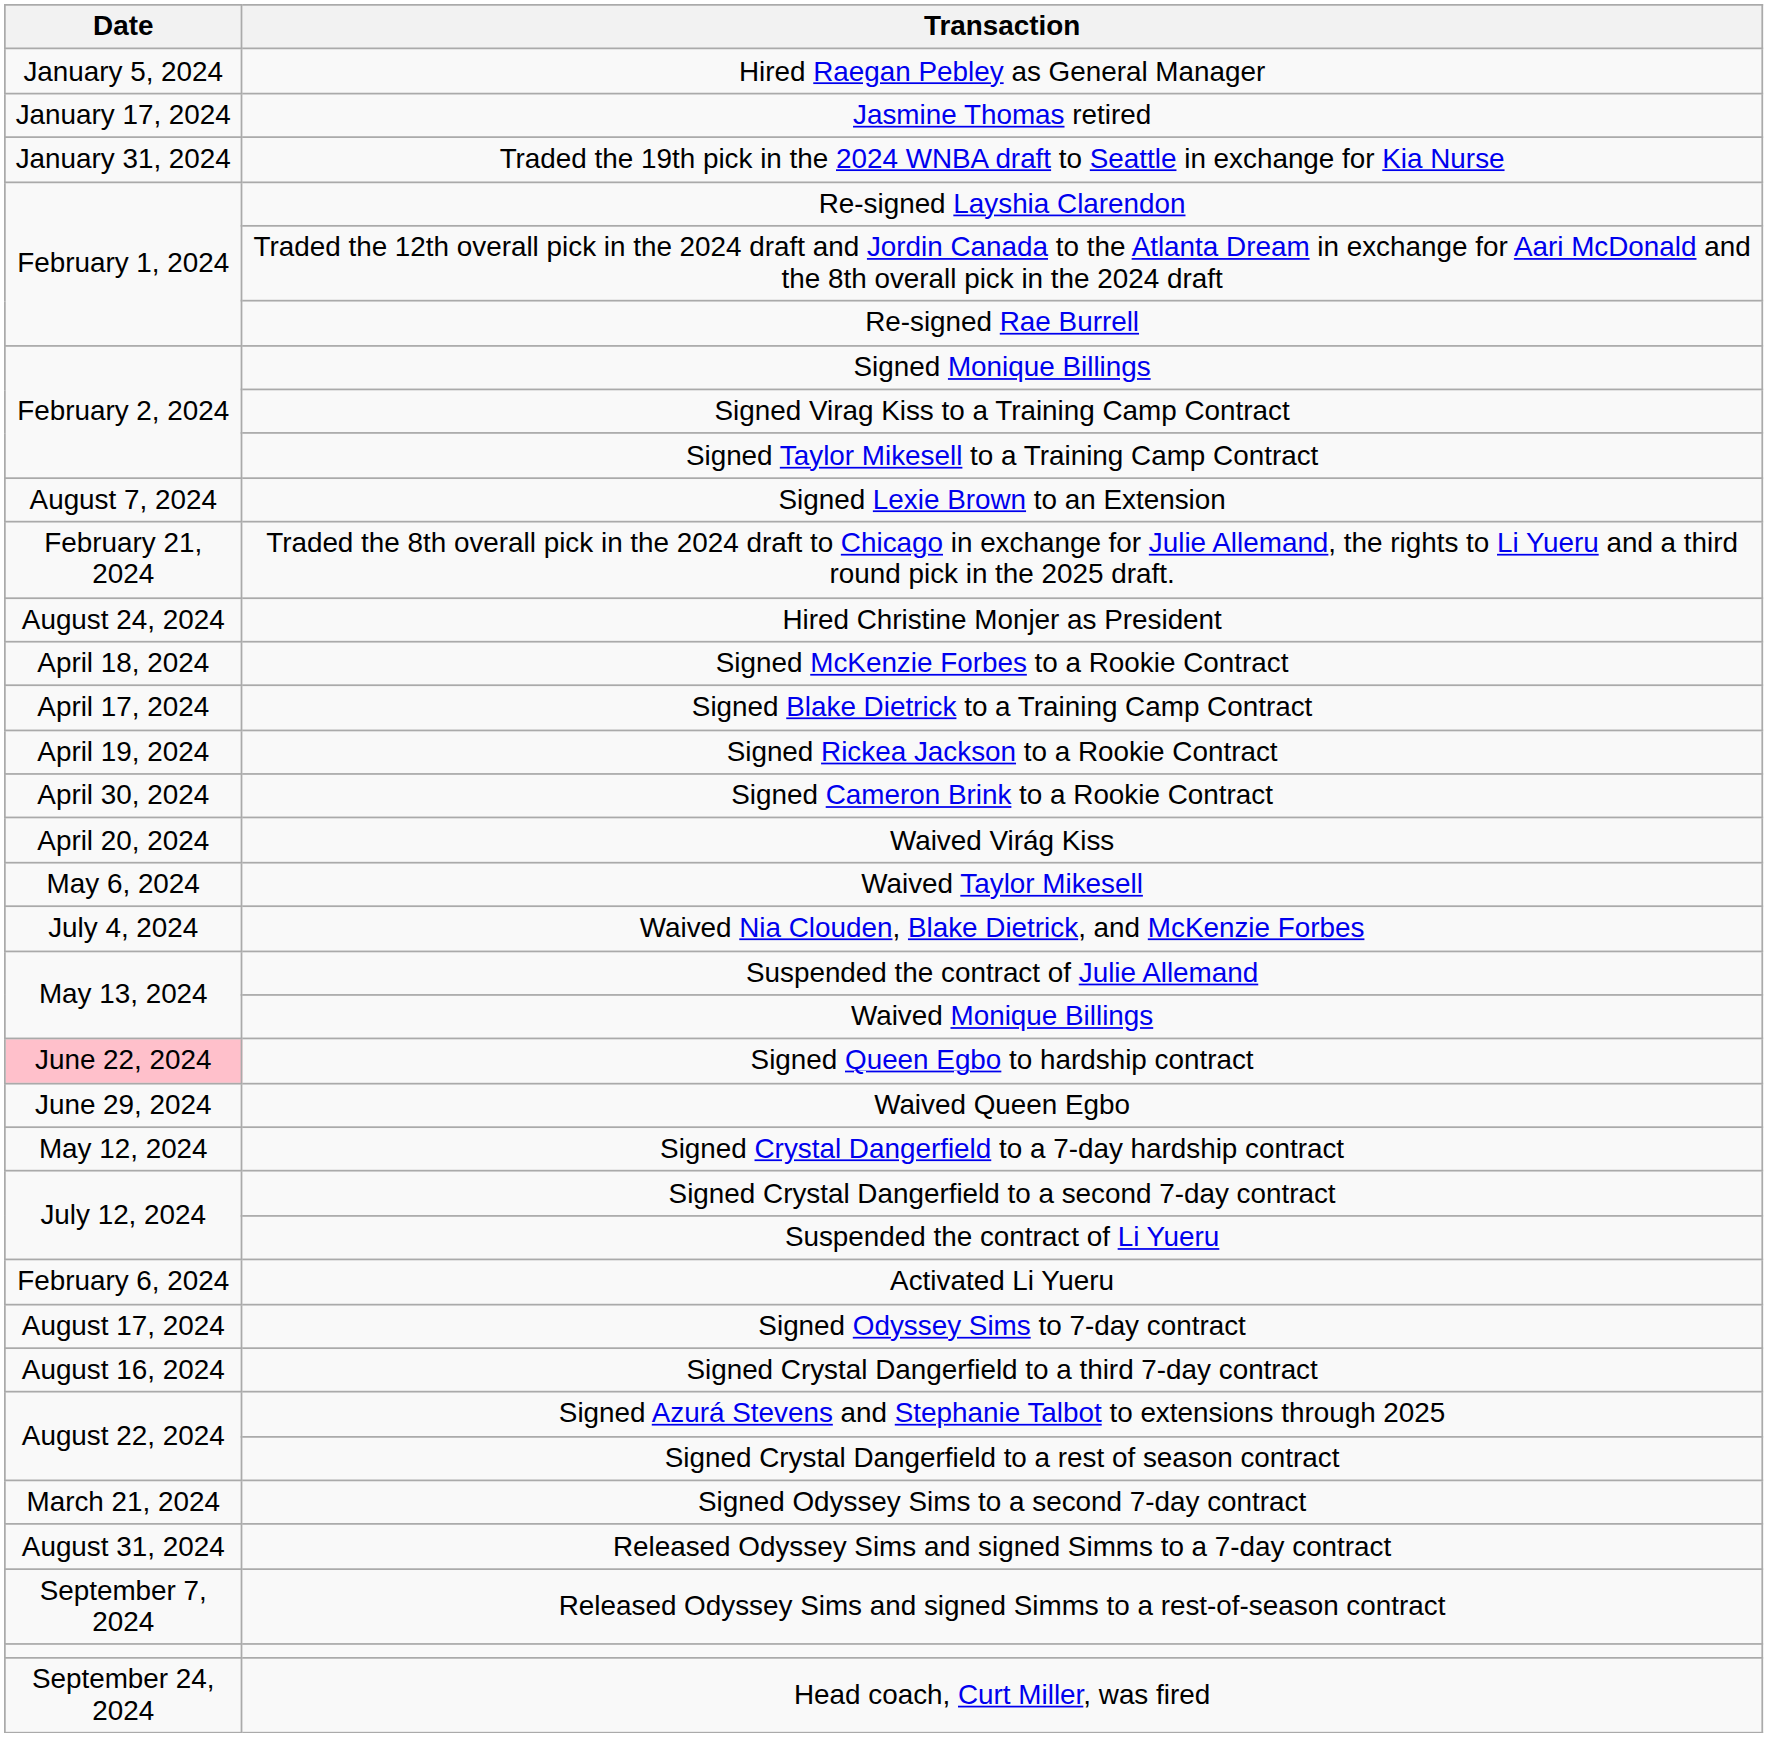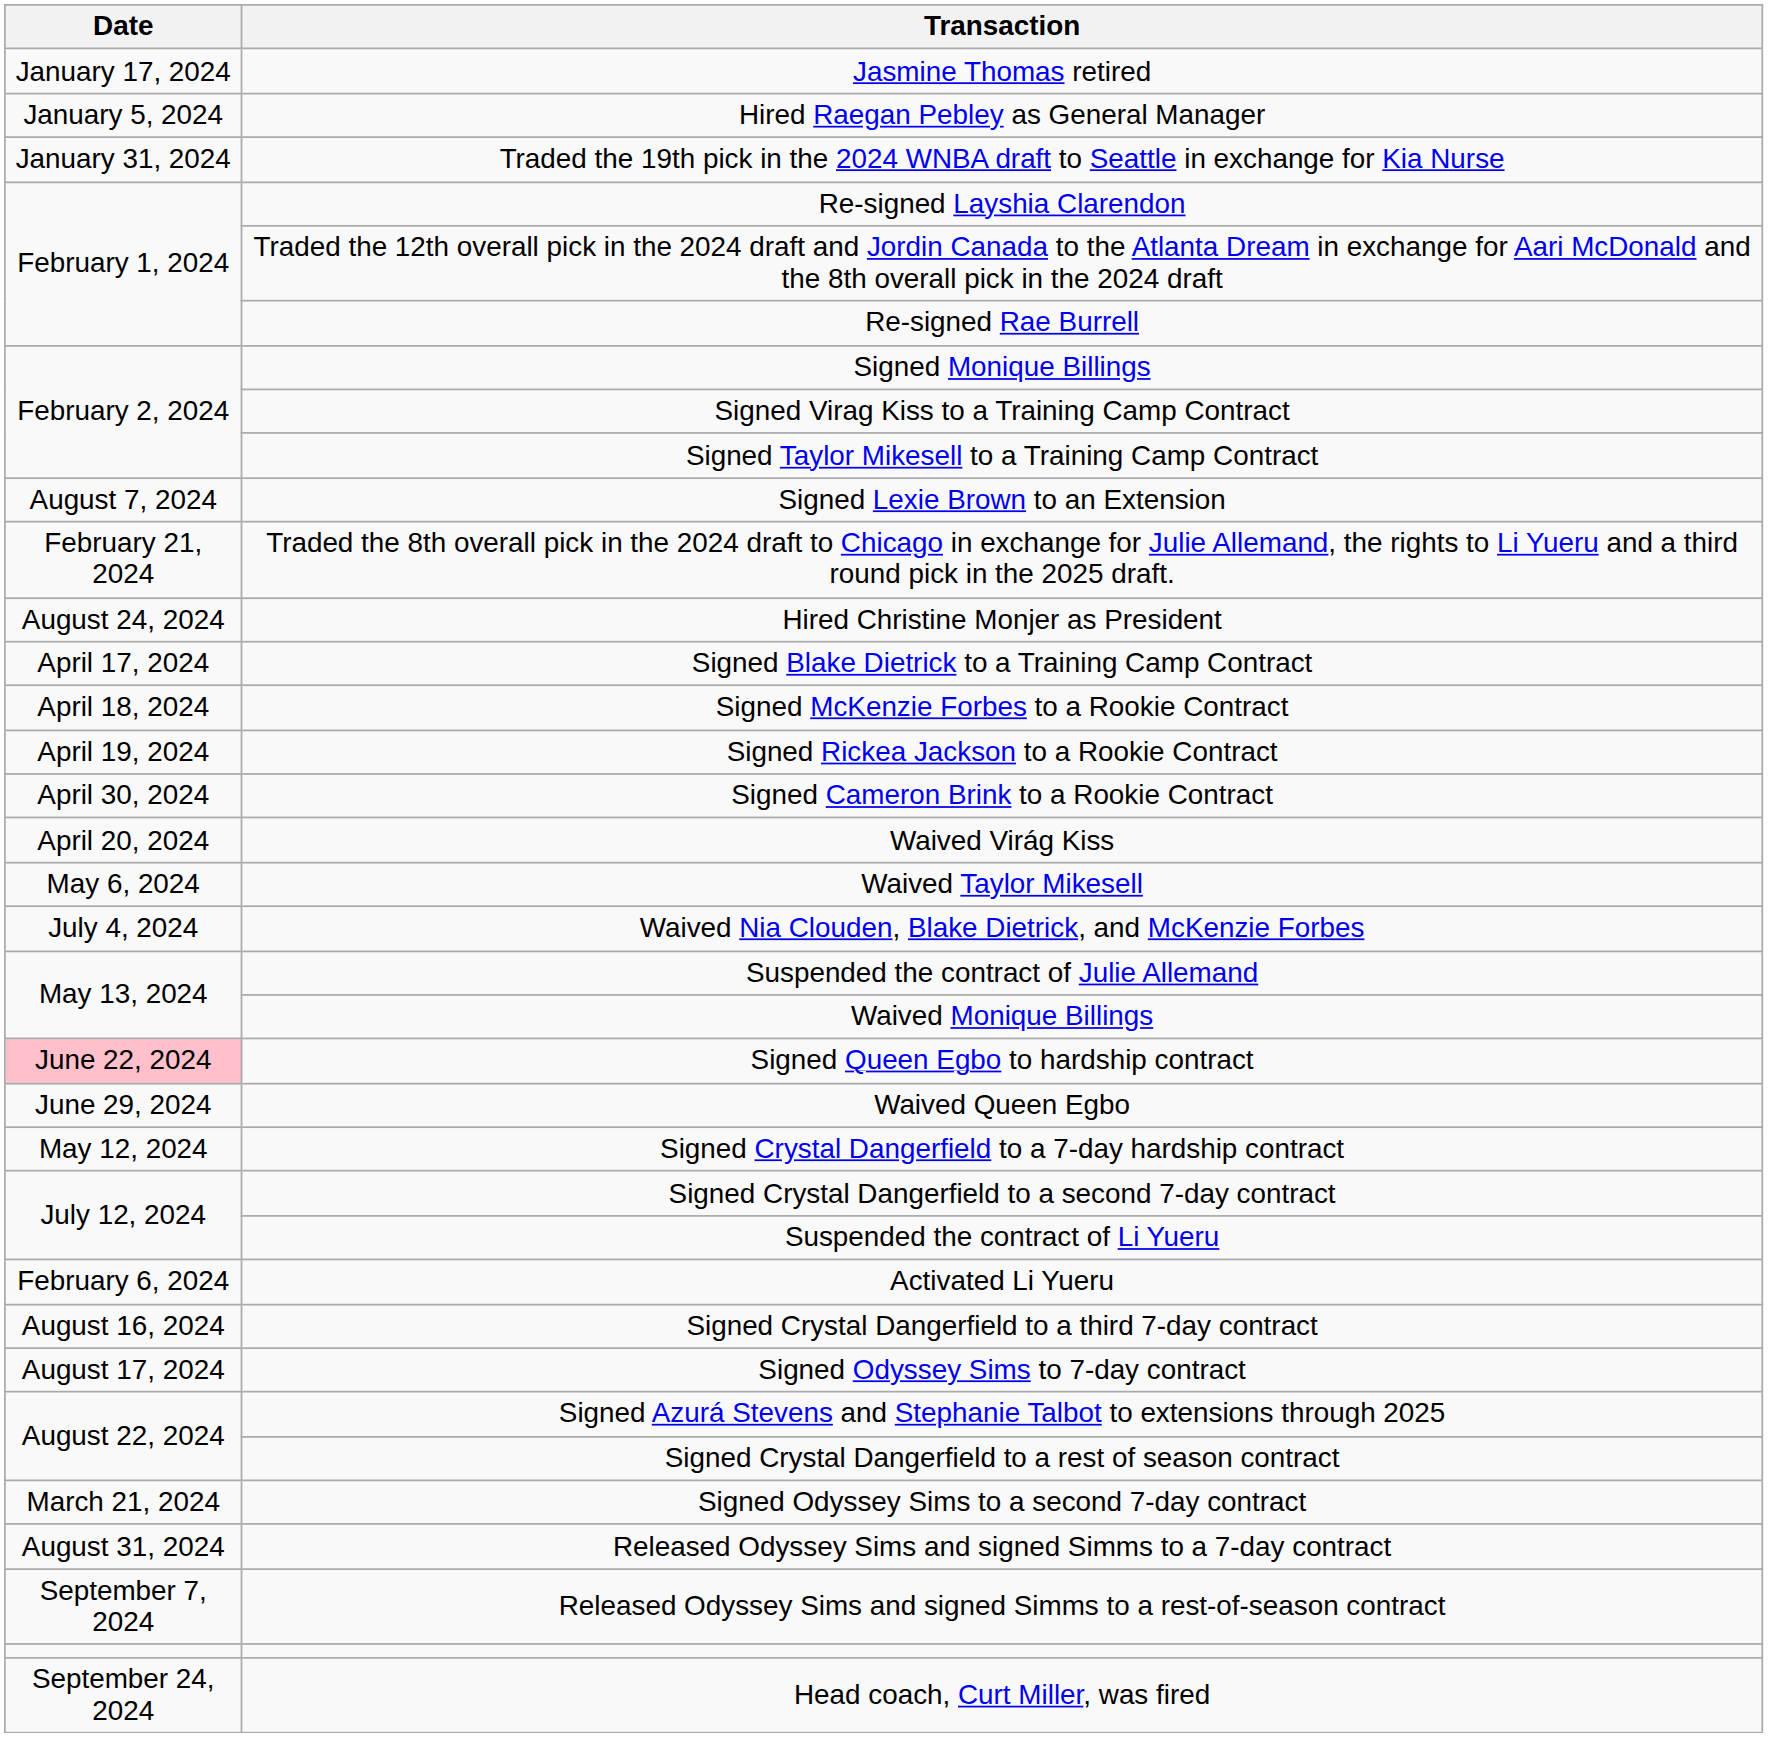 <table class="wikitable" style="width:80%; text-align: center;">
 <tr>
 <th>Date</th>
 <th>Transaction</th>
 </tr>
 <tr>
+<td>January 17, 2024</td>
+<td><a href='#'>Jasmine Thomas</a> retired</td>
+</tr>
+<tr>
 <td>January 5, 2024</td>
 <td>Hired <a href='#'>Raegan Pebley</a> as General Manager</td>
-</tr>
-<tr>
-<td>January 17, 2024</td>
-<td><a href='#'>Jasmine Thomas</a> retired</td>
 </tr>
 <tr>
 <td>January 31, 2024</td>
 <td>Traded the 19th pick in the <a href='#'>2024 WNBA draft</a> to <a href='#'>Seattle</a> in exchange for <a href='#'>Kia Nurse</a></td>
 </tr>
 <tr>
 <td rowspan=3>February 1, 2024</td>
 <td>Re-signed <a href='#'>Layshia Clarendon</a></td>
 </tr>
 <tr>
 <td>Traded the 12th overall pick in the 2024 draft and <a href='#'>Jordin Canada</a> to the <a href='#'>Atlanta Dream</a> in exchange for <a href='#'>Aari McDonald</a> and the 8th overall pick in the 2024 draft</td>
 </tr>
 <tr>
 <td>Re-signed <a href='#'>Rae Burrell</a></td>
 </tr>
 <tr>
 <td rowspan=3>February 2, 2024</td>
 <td>Signed <a href='#'>Monique Billings</a></td>
 </tr>
 <tr>
 <td>Signed Virag Kiss to a Training Camp Contract</td>
 </tr>
 <tr>
 <td>Signed <a href='#'>Taylor Mikesell</a> to a Training Camp Contract</td>
 </tr>
 <tr>
 <td>August 7, 2024</td>
 <td>Signed <a href='#'>Lexie Brown</a> to an Extension</td>
 </tr>
 <tr>
 <td>February 21, 2024</td>
 <td>Traded the 8th overall pick in the 2024 draft to <a href='#'>Chicago</a> in exchange for <a href='#'>Julie Allemand</a>, the rights to <a href='#'>Li Yueru</a> and a third round pick in the 2025 draft.</td>
 </tr>
 <tr>
 <td>August 24, 2024</td>
 <td>Hired Christine Monjer as President</td>
 </tr>
 <tr>
+<td>April 17, 2024</td>
+<td>Signed <a href='#'>Blake Dietrick</a> to a Training Camp Contract</td>
+</tr>
+<tr>
 <td>April 18, 2024</td>
 <td>Signed <a href='#'>McKenzie Forbes</a> to a Rookie Contract</td>
-</tr>
-<tr>
-<td>April 17, 2024</td>
-<td>Signed <a href='#'>Blake Dietrick</a> to a Training Camp Contract</td>
 </tr>
 <tr>
 <td>April 19, 2024</td>
 <td>Signed <a href='#'>Rickea Jackson</a> to a Rookie Contract</td>
 </tr>
 <tr>
 <td>April 30, 2024</td>
 <td>Signed <a href='#'>Cameron Brink</a> to a Rookie Contract</td>
 </tr>
 <tr>
 <td>April 20, 2024</td>
 <td>Waived Virág Kiss</td>
 </tr>
 <tr>
 <td>May 6, 2024</td>
 <td>Waived <a href='#'>Taylor Mikesell</a></td>
 </tr>
 <tr>
 <td>July 4, 2024</td>
 <td>Waived <a href='#'>Nia Clouden</a>, <a href='#'>Blake Dietrick</a>, and <a href='#'>McKenzie Forbes</a></td>
 </tr>
 <tr>
 <td rowspan=2>May 13, 2024</td>
 <td>Suspended the contract of <a href='#'>Julie Allemand</a> </td>
 </tr>
 <tr>
 <td>Waived <a href='#'>Monique Billings</a></td>
 </tr>
 <tr>
 <td style="background: pink;">June 22, 2024</td>
 <td>Signed <a href='#'>Queen Egbo</a> to hardship contract</td>
 </tr>
 <tr>
 <td>June 29, 2024</td>
 <td>Waived Queen Egbo</td>
 </tr>
 <tr>
 <td>May 12, 2024</td>
 <td>Signed <a href='#'>Crystal Dangerfield</a> to a 7-day hardship contract</td>
 </tr>
 <tr>
 <td rowspan=2>July 12, 2024</td>
 <td>Signed Crystal Dangerfield to a second 7-day contract</td>
 </tr>
 <tr>
 <td>Suspended the contract of <a href='#'>Li Yueru</a> </td>
 </tr>
 <tr>
 <td>February 6, 2024</td>
 <td>Activated Li Yueru</td>
 </tr>
 <tr>
+<td>August 16, 2024</td>
+<td>Signed Crystal Dangerfield to a third 7-day contract</td>
+</tr>
+<tr>
 <td>August 17, 2024</td>
 <td>Signed <a href='#'>Odyssey Sims</a> to 7-day contract</td>
-</tr>
-<tr>
-<td>August 16, 2024</td>
-<td>Signed Crystal Dangerfield to a third 7-day contract</td>
 </tr>
 <tr>
 <td rowspan=2>August 22, 2024</td>
 <td>Signed <a href='#'>Azurá Stevens</a> and <a href='#'>Stephanie Talbot</a> to extensions through 2025</td>
 </tr>
 <tr>
 <td>Signed Crystal Dangerfield to a rest of season contract</td>
 </tr>
 <tr>
 <td>March 21, 2024</td>
 <td>Signed Odyssey Sims to a second 7-day contract</td>
 </tr>
 <tr>
 <td>August 31, 2024</td>
 <td>Released Odyssey Sims and signed Simms to a 7-day contract</td>
 </tr>
 <tr>
 <td>September 7, 2024</td>
 <td>Released Odyssey Sims and signed Simms to a rest-of-season contract</td>
 </tr>
 <tr>
 <td></td>
 <td></td>
 </tr>
 <tr>
 <td>September 24, 2024</td>
 <td>Head coach, <a href='#'>Curt Miller</a>, was fired</td>
 </tr>
 </table>
